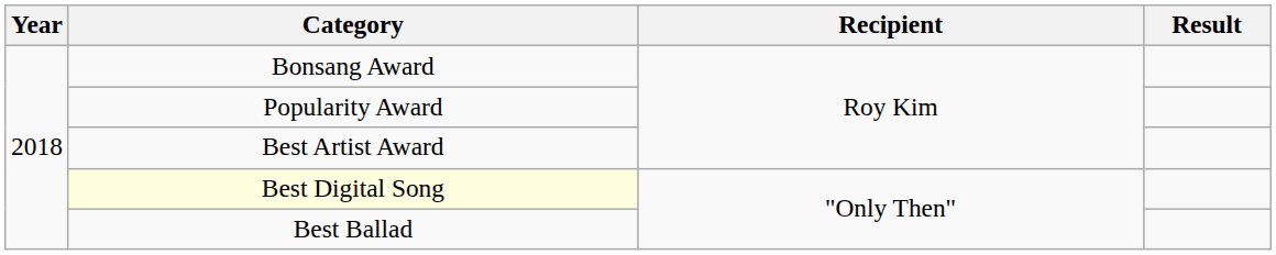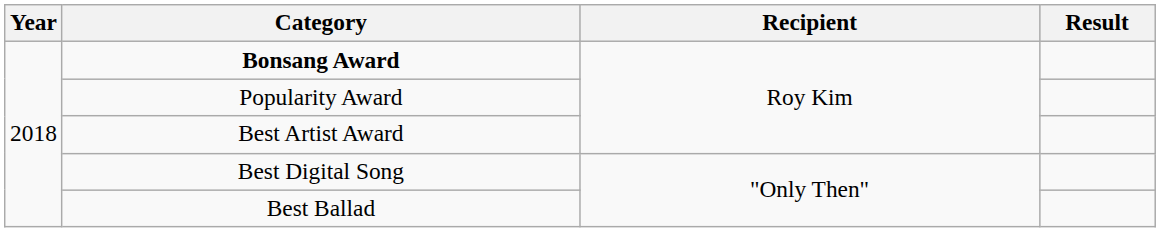 <table class="wikitable" style="text-align:center">
 <tr>
 <th width="5%">Year</th>
 <th width="45%">Category</th>
 <th width="40%">Recipient</th>
 <th width="10%">Result</th>
 </tr>
 <tr>
 <td rowspan="5">2018</td>
-<td>Bonsang Award</td>
+<td><strong>Bonsang Award</strong></td>
 <td rowspan="3">Roy Kim</td>
 <td></td>
 </tr>
 <tr>
 <td>Popularity Award</td>
 <td></td>
 </tr>
 <tr>
 <td>Best Artist Award</td>
 <td></td>
 </tr>
 <tr>
-<td style="background: lightyellow;">Best Digital Song</td>
+<td>Best Digital Song</td>
 <td rowspan="2">"Only Then"</td>
 <td></td>
 </tr>
 <tr>
 <td>Best Ballad</td>
 <td></td>
 </tr>
 </table>
